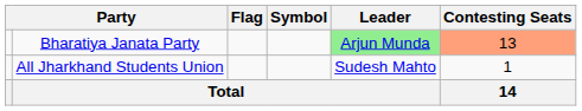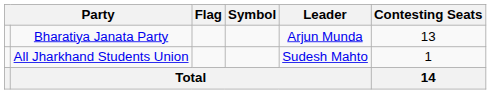 <table class="wikitable" style="text-align:center">
 <tr>
 <th colspan="2">Party</th>
 <th>Flag</th>
 <th>Symbol</th>
 <th>Leader</th>
 <th>Contesting Seats</th>
 </tr>
 <tr>
 <td></td>
 <td><a href='#'>Bharatiya Janata Party</a></td>
 <td></td>
 <td></td>
-<td style="background: lightgreen;"><a href='#'>Arjun Munda</a></td>
-<td style="background: lightsalmon;">13</td>
+<td><a href='#'>Arjun Munda</a></td>
+<td>13</td>
 </tr>
 <tr>
 <td></td>
 <td><a href='#'>All Jharkhand Students Union</a></td>
 <td></td>
 <td></td>
 <td><a href='#'>Sudesh Mahto</a></td>
 <td>1</td>
 </tr>
 <tr>
 <th></th>
 <th Colspan=4>Total</th>
 <th>14</th>
 </tr>
 </table>
